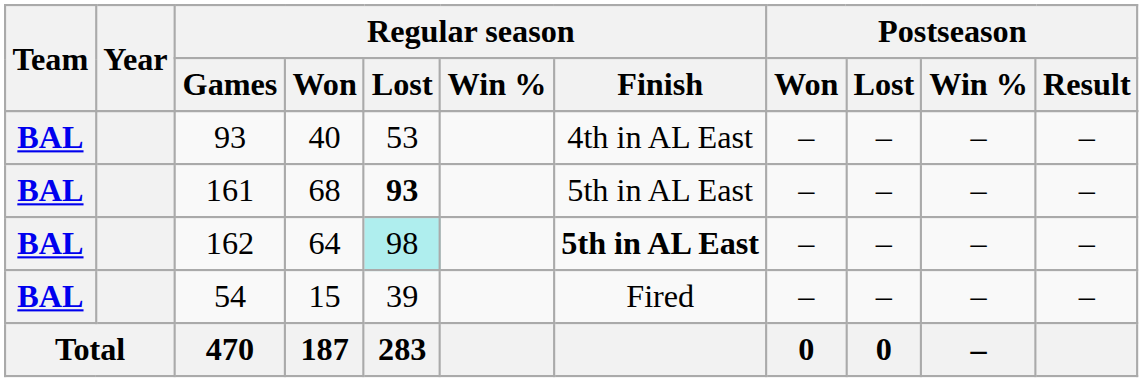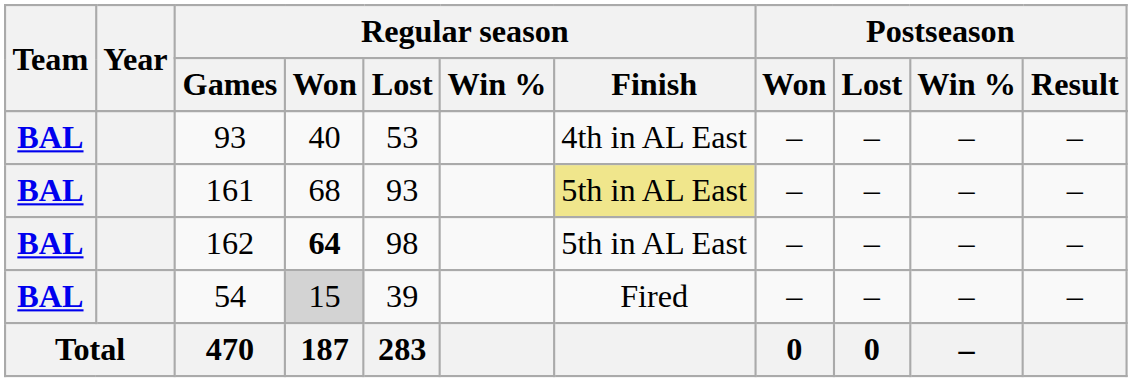 <table class="wikitable" style="font-size: 95%; text-align:center;">
 <tr>
 <th rowspan="2">Team</th>
 <th rowspan="2">Year</th>
 <th colspan="5">Regular season</th>
 <th colspan="4">Postseason</th>
 </tr>
 <tr>
 <th>Games</th>
 <th>Won</th>
 <th>Lost</th>
 <th>Win %</th>
 <th>Finish</th>
 <th>Won</th>
 <th>Lost</th>
 <th>Win %</th>
 <th>Result</th>
 </tr>
 <tr>
 </tr>
 <tr>
 <th><a href='#'>BAL</a></th>
 <th></th>
 <td>93</td>
 <td>40</td>
 <td>53</td>
 <td></td>
 <td>4th in AL East</td>
 <td>–</td>
 <td>–</td>
 <td>–</td>
 <td>–</td>
 </tr>
 <tr>
 <th><a href='#'>BAL</a></th>
 <th></th>
 <td>161</td>
 <td>68</td>
-<td><strong>93</strong></td>
+<td>93</td>
+<td></td>
+<td style="background: khaki;">5th in AL East</td>
+<td>–</td>
+<td>–</td>
+<td>–</td>
+<td>–</td>
+</tr>
+<tr>
+<th><a href='#'>BAL</a></th>
+<th></th>
+<td>162</td>
+<td><strong>64</strong></td>
+<td>98</td>
 <td></td>
 <td>5th in AL East</td>
 <td>–</td>
 <td>–</td>
 <td>–</td>
 <td>–</td>
 </tr>
 <tr>
 <th><a href='#'>BAL</a></th>
 <th></th>
-<td>162</td>
-<td>64</td>
-<td style="background: paleturquoise;">98</td>
-<td></td>
-<td><strong>5th in AL East</strong></td>
-<td>–</td>
-<td>–</td>
-<td>–</td>
-<td>–</td>
-</tr>
-<tr>
-<th><a href='#'>BAL</a></th>
-<th></th>
 <td>54</td>
-<td>15</td>
+<td style="background: lightgrey;">15</td>
 <td>39</td>
 <td></td>
 <td>Fired</td>
 <td>–</td>
 <td>–</td>
 <td>–</td>
 <td>–</td>
 </tr>
 <tr>
 <th colspan="2">Total</th>
 <th>470</th>
 <th>187</th>
 <th>283</th>
 <th></th>
 <th></th>
 <th>0</th>
 <th>0</th>
 <th>–</th>
 <th></th>
 </tr>
 </table>
